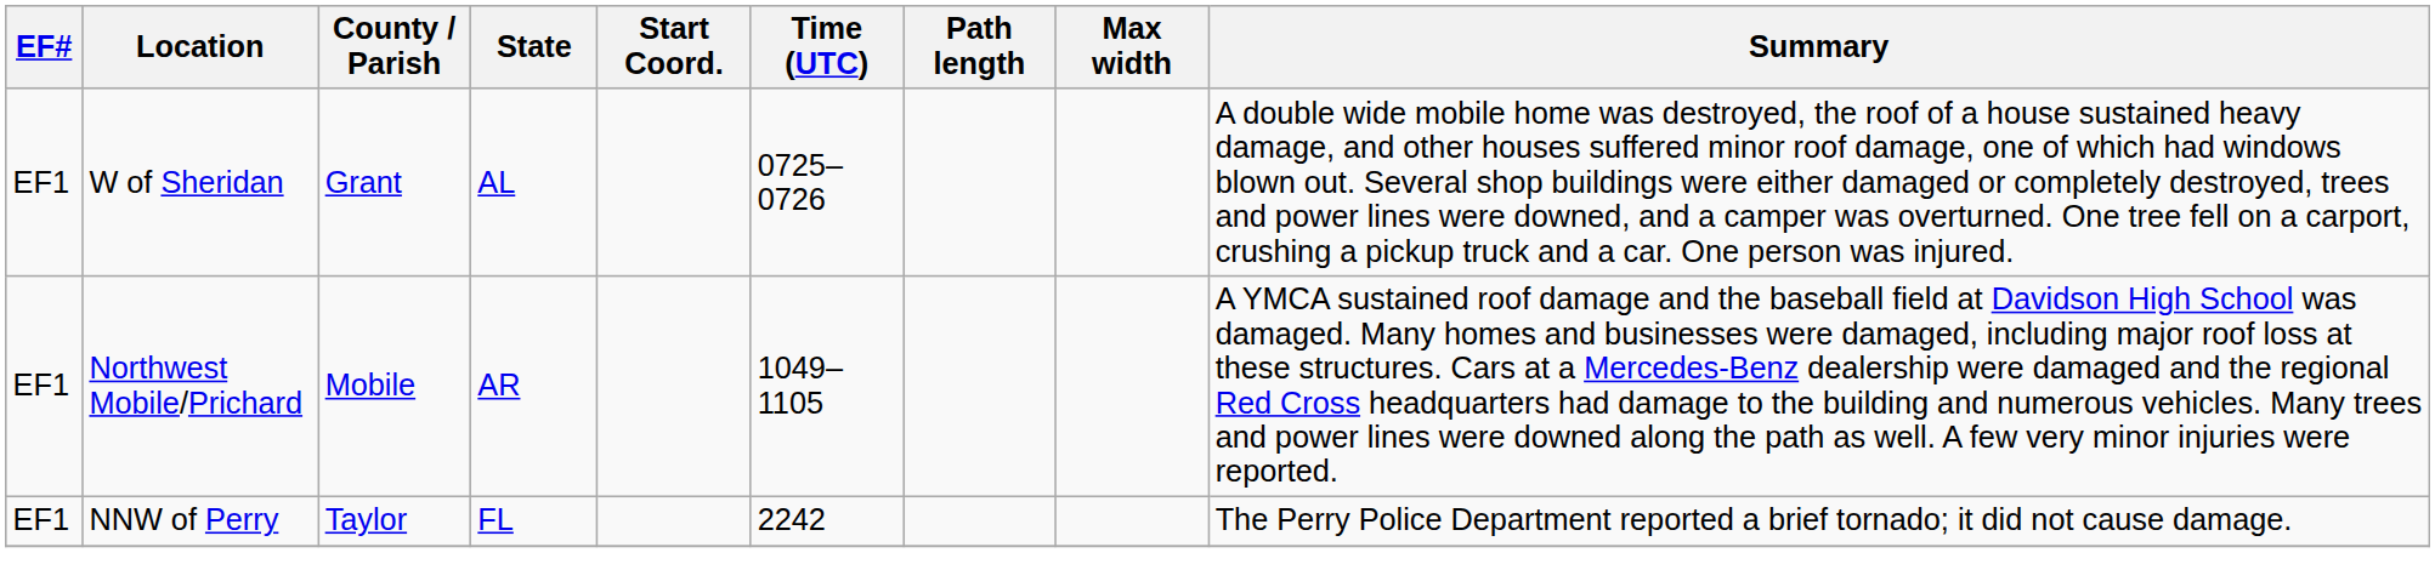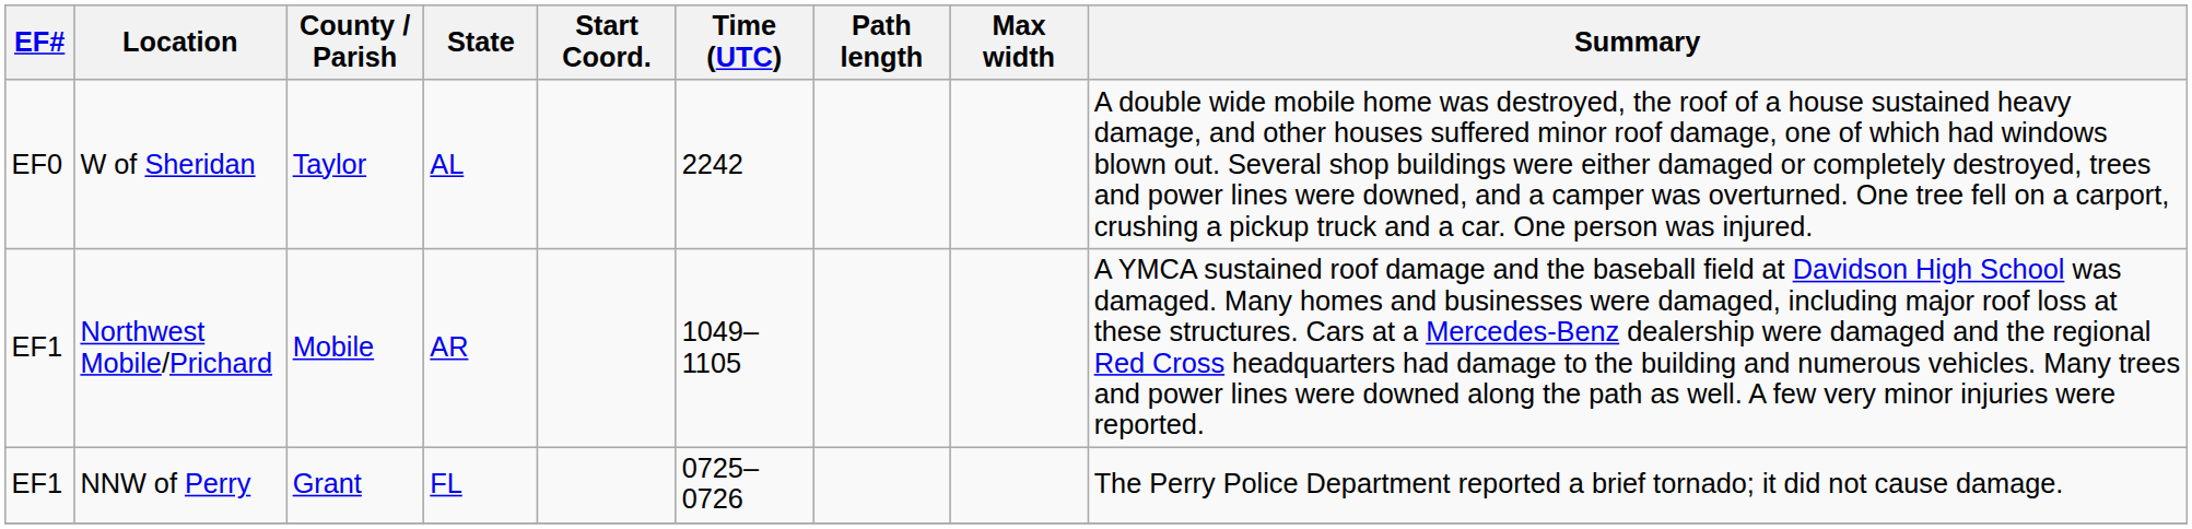 <table class="wikitable sortable" style="width:100%;">
 <tr>
 <th scope="col" width="3%" align="center"><a href='#'>EF#</a></th>
 <th scope="col" width="7%" align="center" class="unsortable">Location</th>
 <th scope="col" width="6%" align="center" class="unsortable">County / Parish</th>
 <th scope="col" width="5%" align="center">State</th>
 <th scope="col" width="6%" align="center">Start Coord.</th>
 <th scope="col" width="6%" align="center">Time (<a href='#'>UTC</a>)</th>
 <th scope="col" width="6%" align="center">Path length</th>
 <th scope="col" width="6%" align="center">Max width</th>
 <th scope="col" width="48%" class="unsortable" align="center">Summary</th>
 </tr>
 <tr>
-<td>EF1</td>
+<td>EF0</td>
 <td>W of <a href='#'>Sheridan</a></td>
-<td><a href='#'>Grant</a></td>
+<td><a href='#'>Taylor</a></td>
 <td><a href='#'>AL</a></td>
 <td></td>
-<td>0725–0726</td>
+<td>2242</td>
 <td></td>
 <td></td>
 <td>A double wide mobile home was destroyed, the roof of a house sustained heavy damage, and other houses suffered minor roof damage, one of which had windows blown out. Several shop buildings were either damaged or completely destroyed, trees and power lines were downed, and a camper was overturned. One tree fell on a carport, crushing a pickup truck and a car. One person was injured.</td>
 </tr>
 <tr>
 <td>EF1</td>
 <td><a href='#'>Northwest Mobile</a>/<a href='#'>Prichard</a></td>
 <td><a href='#'>Mobile</a></td>
 <td><a href='#'>AR</a></td>
 <td></td>
 <td>1049–1105</td>
 <td></td>
 <td></td>
 <td>A YMCA sustained roof damage and the baseball field at <a href='#'>Davidson High School</a> was damaged. Many homes and businesses were damaged, including major roof loss at these structures. Cars at a <a href='#'>Mercedes-Benz</a> dealership were damaged and the regional <a href='#'>Red Cross</a> headquarters had damage to the building and numerous vehicles. Many trees and power lines were downed along the path as well. A few very minor injuries were reported.</td>
 </tr>
 <tr>
 <td>EF1</td>
 <td>NNW of <a href='#'>Perry</a></td>
-<td><a href='#'>Taylor</a></td>
+<td><a href='#'>Grant</a></td>
 <td><a href='#'>FL</a></td>
 <td></td>
-<td>2242</td>
+<td>0725–0726</td>
 <td></td>
 <td></td>
 <td>The Perry Police Department reported a brief tornado; it did not cause damage.</td>
 </tr>
 <tr>
 </tr>
 </table>
